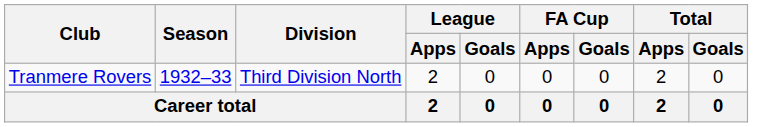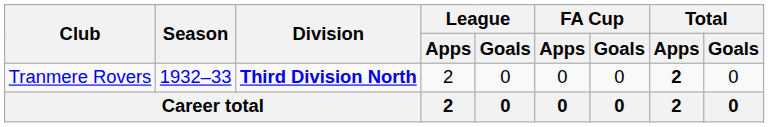 <table class="wikitable" style="text-align:center;">
 <tr>
 <th rowspan="2">Club</th>
 <th rowspan="2">Season</th>
 <th rowspan="2">Division</th>
 <th colspan="2">League</th>
 <th colspan="2">FA Cup</th>
 <th colspan="2">Total</th>
 </tr>
 <tr>
 <th>Apps</th>
 <th>Goals</th>
 <th>Apps</th>
 <th>Goals</th>
 <th>Apps</th>
 <th>Goals</th>
 </tr>
 <tr>
 <td><a href='#'>Tranmere Rovers</a></td>
 <td><a href='#'>1932–33</a></td>
-<td><a href='#'>Third Division North</a></td>
+<td><strong><a href='#'>Third Division North</a></strong></td>
 <td>2</td>
 <td>0</td>
 <td>0</td>
 <td>0</td>
-<td>2</td>
+<td><strong>2</strong></td>
 <td>0</td>
 </tr>
 <tr>
 <th colspan="3">Career total</th>
 <th>2</th>
 <th>0</th>
 <th>0</th>
 <th>0</th>
 <th>2</th>
 <th>0</th>
 </tr>
 </table>
